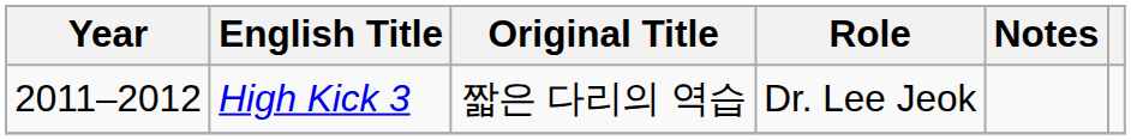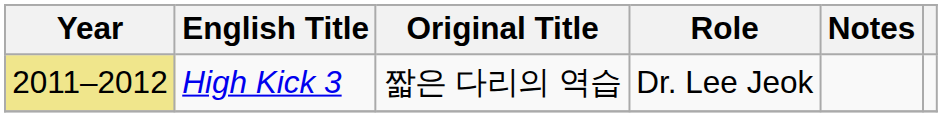 <table class="wikitable sortable">
 <tr>
 <th>Year</th>
 <th>English Title</th>
 <th>Original Title</th>
 <th>Role</th>
 <th>Notes</th>
 <th></th>
 </tr>
 <tr>
-<td>2011–2012</td>
+<td style="background: khaki;">2011–2012</td>
 <td><em> <a href='#'>High Kick 3</a></em></td>
 <td>짧은 다리의 역습</td>
 <td>Dr. Lee Jeok</td>
 <td></td>
 <td></td>
 </tr>
 <tr>
 </tr>
 </table>
